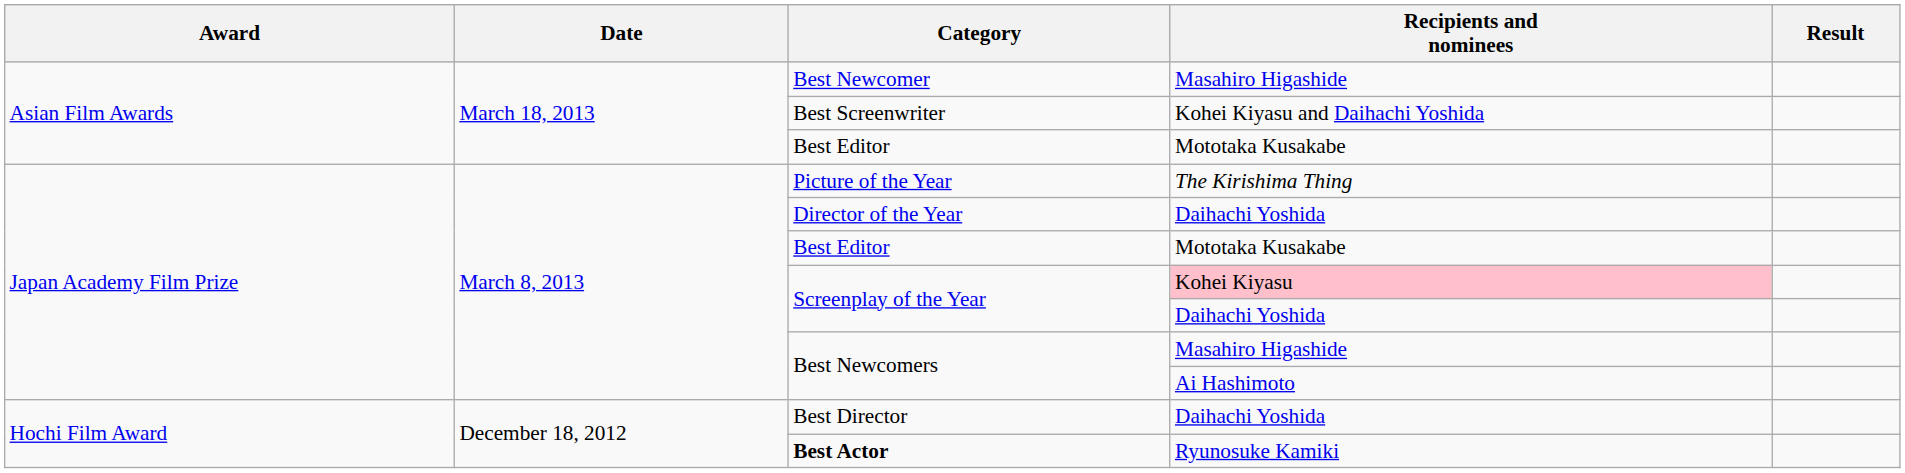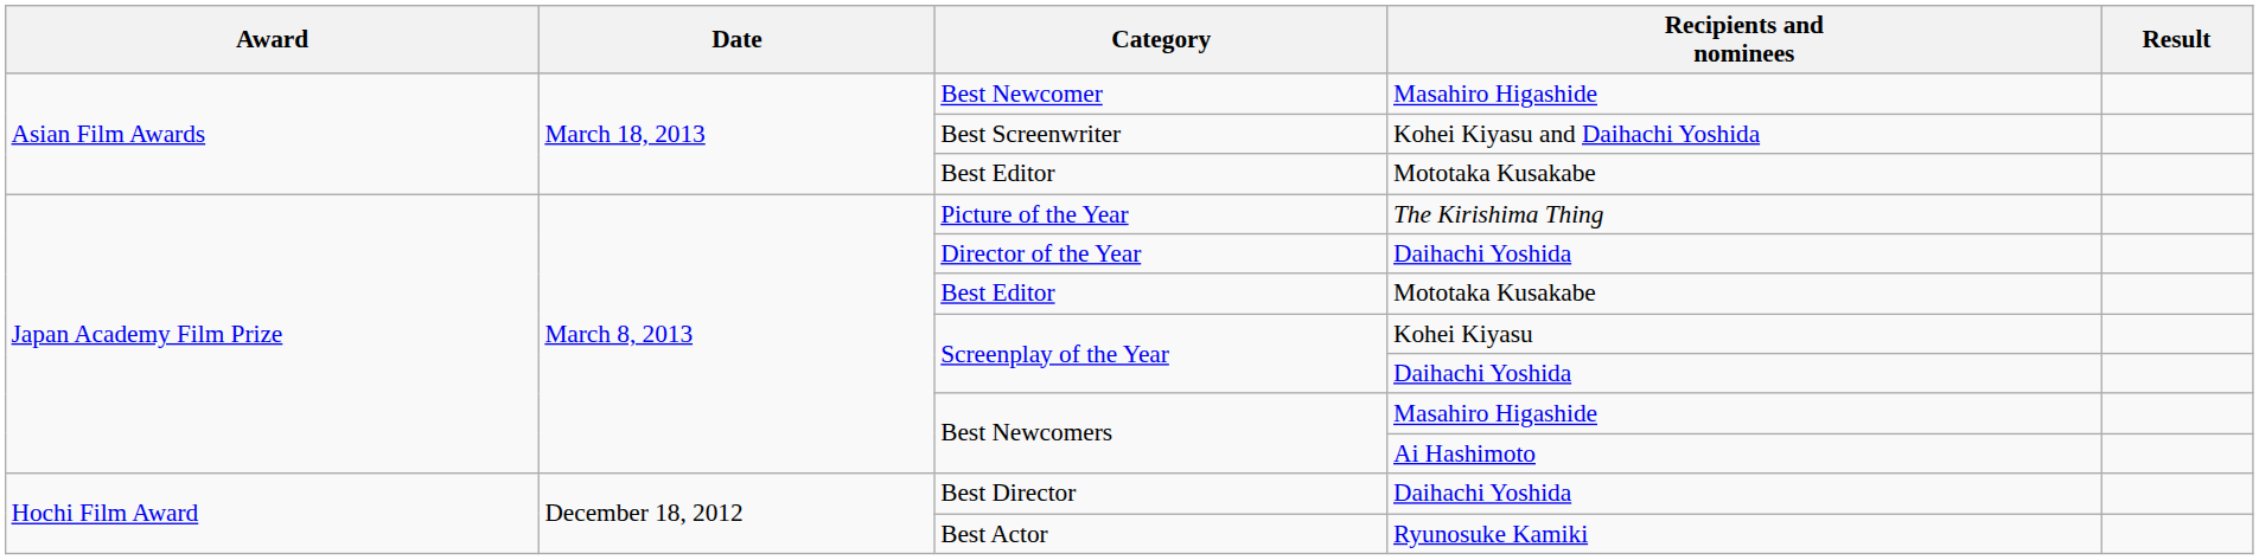 <table class="wikitable sortable" width="90%">
 <tr style="background:#ccc; text-align:center;">
 <th>Award</th>
 <th>Date</th>
 <th>Category</th>
 <th>Recipients and <br>nominees</th>
 <th>Result</th>
 </tr>
 <tr>
 <td rowspan="3"><a href='#'>Asian Film Awards</a></td>
 <td rowspan="3"><a href='#'>March 18, 2013</a></td>
 <td><a href='#'>Best Newcomer</a></td>
 <td><a href='#'>Masahiro Higashide</a></td>
 <td></td>
 </tr>
 <tr>
 <td>Best Screenwriter</td>
 <td>Kohei Kiyasu and <a href='#'>Daihachi Yoshida</a></td>
 <td></td>
 </tr>
 <tr>
 <td>Best Editor</td>
 <td>Mototaka Kusakabe</td>
 <td></td>
 </tr>
 <tr>
 <td rowspan="7"><a href='#'>Japan Academy Film Prize</a></td>
 <td rowspan="7"><a href='#'>March 8, 2013</a></td>
 <td><a href='#'>Picture of the Year</a></td>
 <td><em>The Kirishima Thing</em></td>
 <td></td>
 </tr>
 <tr>
 <td><a href='#'>Director of the Year</a></td>
 <td><a href='#'>Daihachi Yoshida</a></td>
 <td></td>
 </tr>
 <tr>
 <td><a href='#'>Best Editor</a></td>
 <td>Mototaka Kusakabe</td>
 <td></td>
 </tr>
 <tr>
 <td rowspan="2"><a href='#'>Screenplay of the Year</a></td>
-<td style="background: pink;">Kohei Kiyasu</td>
+<td>Kohei Kiyasu</td>
 <td></td>
 </tr>
 <tr>
 <td><a href='#'>Daihachi Yoshida</a></td>
 <td></td>
 </tr>
 <tr>
 <td rowspan="2">Best Newcomers</td>
 <td><a href='#'>Masahiro Higashide</a></td>
 <td></td>
 </tr>
 <tr>
 <td><a href='#'>Ai Hashimoto</a></td>
 <td></td>
 </tr>
 <tr>
 <td rowspan="2"><a href='#'>Hochi Film Award</a></td>
 <td rowspan="2">December 18, 2012</td>
 <td>Best Director</td>
 <td><a href='#'>Daihachi Yoshida</a></td>
 <td></td>
 </tr>
 <tr>
-<td><strong>Best Actor</strong></td>
+<td>Best Actor</td>
 <td><a href='#'>Ryunosuke Kamiki</a></td>
 <td></td>
 </tr>
 </table>
